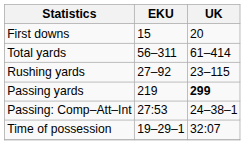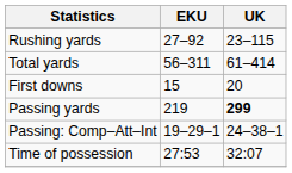 <table class="wikitable" style="float: left;">
 <tr>
 <th>Statistics</th>
 <th>EKU</th>
 <th>UK</th>
 </tr>
 <tr>
-<td>First downs</td>
-<td>15</td>
-<td>20</td>
+<td>Rushing yards</td>
+<td>27–92</td>
+<td>23–115</td>
 </tr>
 <tr>
 <td>Total yards</td>
 <td>56–311</td>
 <td>61–414</td>
 </tr>
 <tr>
-<td>Rushing yards</td>
-<td>27–92</td>
-<td>23–115</td>
+<td>First downs</td>
+<td>15</td>
+<td>20</td>
 </tr>
 <tr>
 <td>Passing yards</td>
 <td>219</td>
 <td><strong>299</strong></td>
 </tr>
 <tr>
 <td>Passing: Comp–Att–Int</td>
-<td>27:53</td>
+<td>19–29–1</td>
 <td>24–38–1</td>
 </tr>
 <tr>
 <td>Time of possession</td>
-<td>19–29–1</td>
+<td>27:53</td>
 <td>32:07</td>
 </tr>
 <tr>
 </tr>
 </table>
